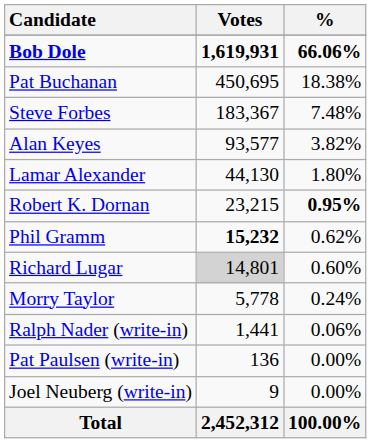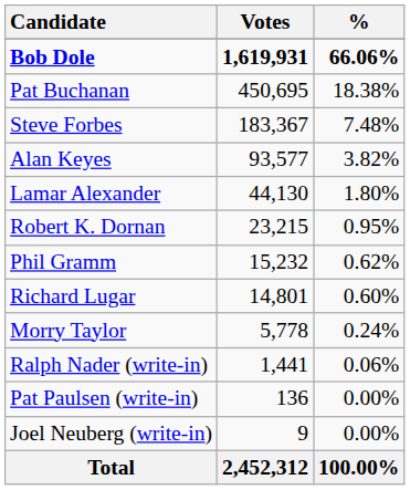 <table class="wikitable sortable plainrowheaders" style="text-align:right;">
 <tr>
 <th style="text-align:left;">Candidate</th>
 <th>Votes</th>
 <th>%</th>
 </tr>
 <tr>
 </tr>
 <tr>
 <td style="text-align:left;"><strong><a href='#'>Bob Dole</a></strong></td>
 <td><strong>1,619,931</strong></td>
 <td><strong>66.06%</strong></td>
 </tr>
 <tr>
 <td style="text-align:left;"><a href='#'>Pat Buchanan</a></td>
 <td>450,695</td>
 <td>18.38%</td>
 </tr>
 <tr>
 <td style="text-align:left;"><a href='#'>Steve Forbes</a></td>
 <td>183,367</td>
 <td>7.48%</td>
 </tr>
 <tr>
 <td style="text-align:left;"><a href='#'>Alan Keyes</a></td>
 <td>93,577</td>
 <td>3.82%</td>
 </tr>
 <tr>
 <td style="text-align:left;"><a href='#'>Lamar Alexander</a></td>
 <td>44,130</td>
 <td>1.80%</td>
 </tr>
 <tr>
 <td style="text-align:left;"><a href='#'>Robert K. Dornan</a></td>
 <td>23,215</td>
-<td><strong>0.95%</strong></td>
+<td>0.95%</td>
 </tr>
 <tr>
 <td style="text-align:left;"><a href='#'>Phil Gramm</a></td>
-<td><strong>15,232</strong></td>
+<td>15,232</td>
 <td>0.62%</td>
 </tr>
 <tr>
 <td style="text-align:left;"><a href='#'>Richard Lugar</a></td>
-<td style="background: lightgrey;">14,801</td>
+<td>14,801</td>
 <td>0.60%</td>
 </tr>
 <tr>
 <td style="text-align:left;"><a href='#'>Morry Taylor</a></td>
 <td>5,778</td>
 <td>0.24%</td>
 </tr>
 <tr>
 <td style="text-align:left;"><a href='#'>Ralph Nader</a> (<a href='#'>write-in</a>)</td>
 <td>1,441</td>
 <td>0.06%</td>
 </tr>
 <tr>
 <td style="text-align:left;"><a href='#'>Pat Paulsen</a> (<a href='#'>write-in</a>)</td>
 <td>136</td>
 <td>0.00%</td>
 </tr>
 <tr>
 <td style="text-align:left;">Joel Neuberg (<a href='#'>write-in</a>)</td>
 <td>9</td>
 <td>0.00%</td>
 </tr>
 <tr class="sortbottom">
 <th>Total</th>
 <th>2,452,312</th>
 <th>100.00%</th>
 </tr>
 </table>
